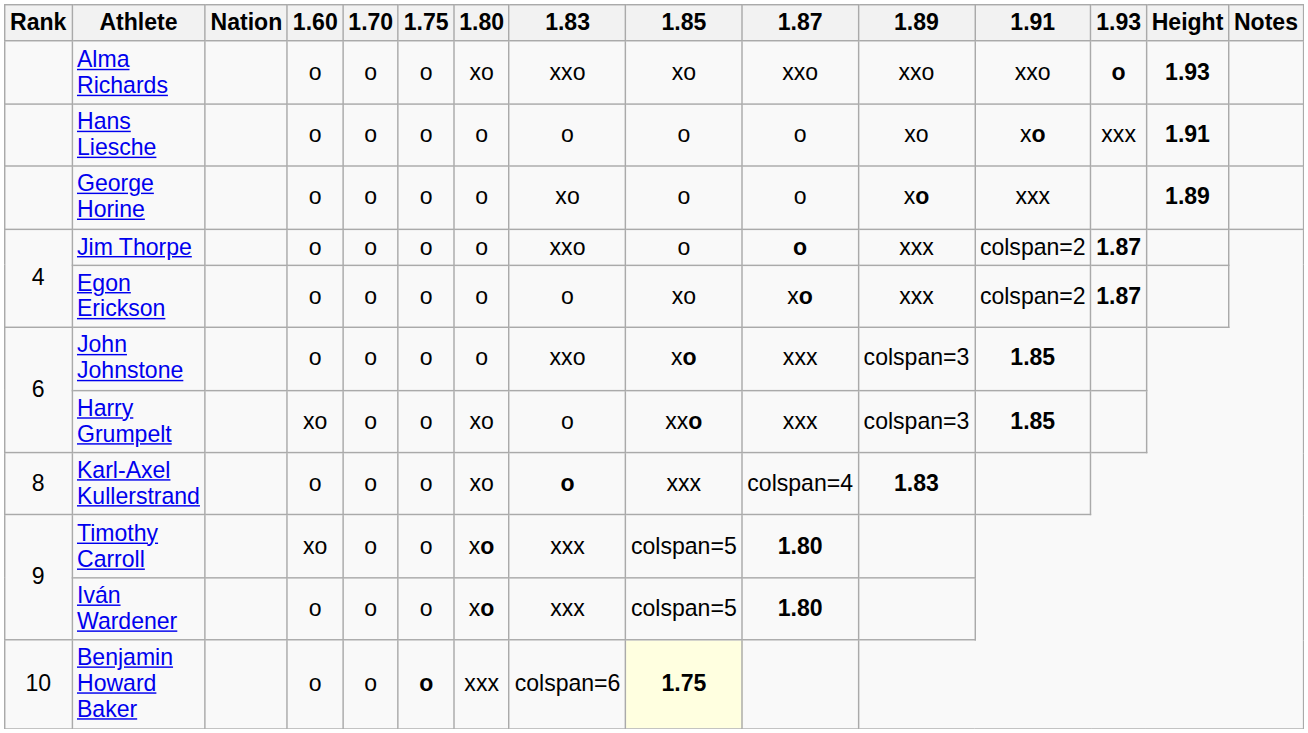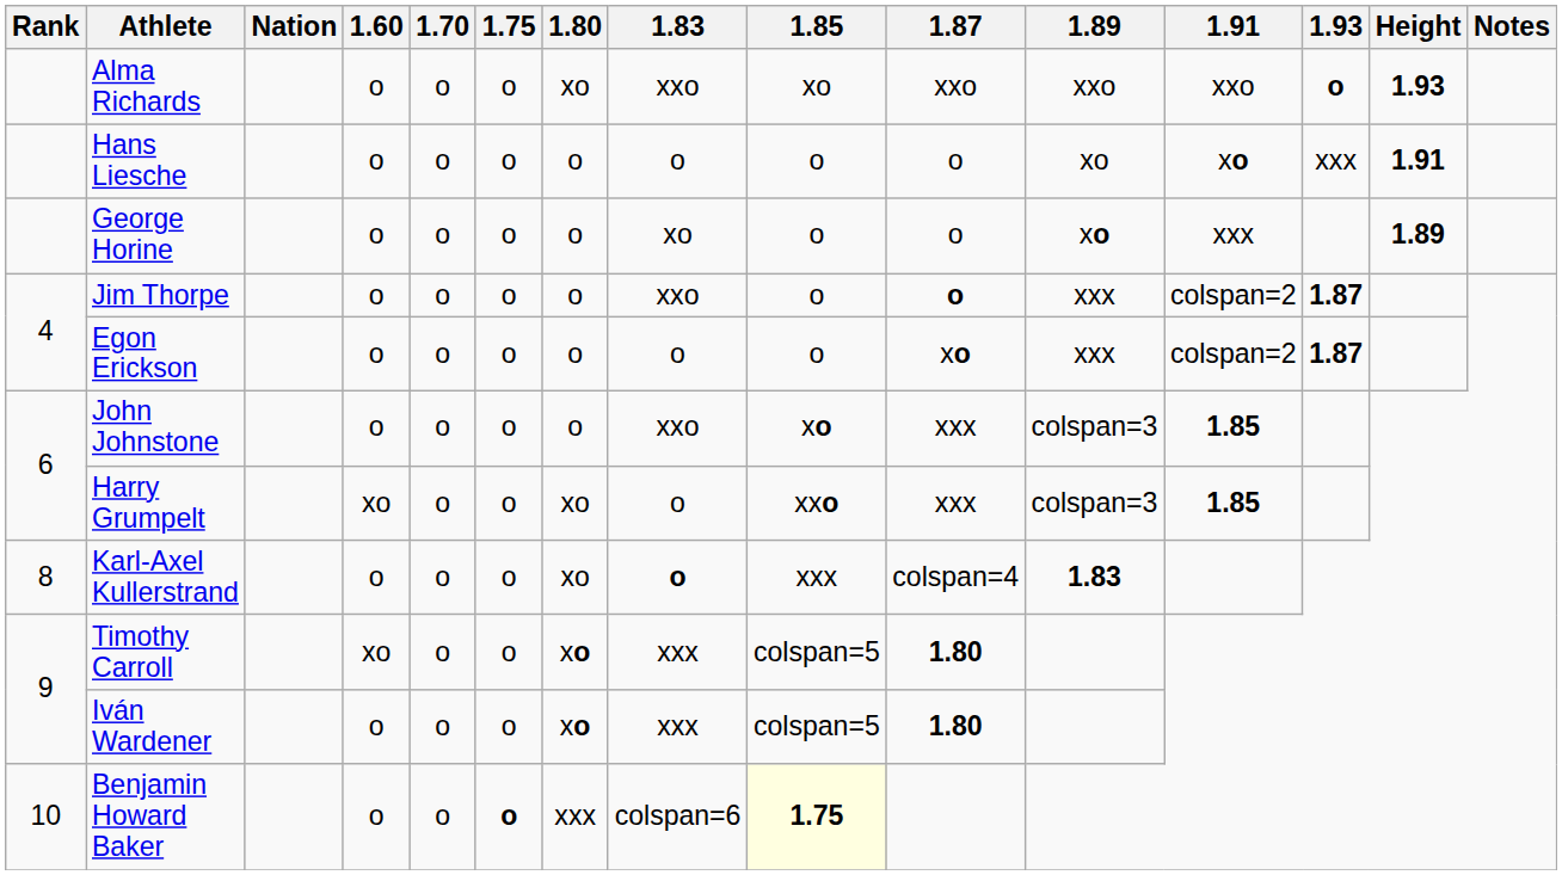 <table class="wikitable sortable" style="text-align:center;">
 <tr>
 <th>Rank</th>
 <th>Athlete</th>
 <th>Nation</th>
 <th>1.60</th>
 <th>1.70</th>
 <th>1.75</th>
 <th>1.80</th>
 <th>1.83</th>
 <th>1.85</th>
 <th>1.87</th>
 <th>1.89</th>
 <th>1.91</th>
 <th>1.93</th>
 <th>Height</th>
 <th>Notes</th>
 </tr>
 <tr>
 <td></td>
 <td align=left><a href='#'>Alma Richards</a></td>
 <td align=left></td>
 <td>o</td>
 <td>o</td>
 <td>o</td>
 <td>xo</td>
 <td>xxo</td>
 <td>xo</td>
 <td>xxo</td>
 <td>xxo</td>
 <td>xxo</td>
 <td><strong>o</strong></td>
 <td><strong>1.93</strong></td>
 <td></td>
 </tr>
 <tr>
 <td></td>
 <td align=left><a href='#'>Hans Liesche</a></td>
 <td align=left></td>
 <td>o</td>
 <td>o</td>
 <td>o</td>
 <td>o</td>
 <td>o</td>
 <td>o</td>
 <td>o</td>
 <td>xo</td>
 <td>x<strong>o</strong></td>
 <td>xxx</td>
 <td><strong>1.91</strong></td>
 <td></td>
 </tr>
 <tr>
 <td></td>
 <td align=left><a href='#'>George Horine</a></td>
 <td align=left></td>
 <td>o</td>
 <td>o</td>
 <td>o</td>
 <td>o</td>
 <td>xo</td>
 <td>o</td>
 <td>o</td>
 <td>x<strong>o</strong></td>
 <td>xxx</td>
 <td></td>
 <td><strong>1.89</strong></td>
 <td></td>
 </tr>
 <tr>
 <td rowspan="2">4</td>
 <td align=left><a href='#'>Jim Thorpe</a></td>
 <td align=left></td>
 <td>o</td>
 <td>o</td>
 <td>o</td>
 <td>o</td>
 <td>xxo</td>
 <td>o</td>
 <td><strong>o</strong></td>
 <td>xxx</td>
 <td>colspan=2 </td>
 <td><strong>1.87</strong></td>
 <td></td>
 </tr>
 <tr>
 <td align=left><a href='#'>Egon Erickson</a></td>
 <td align=left></td>
 <td>o</td>
 <td>o</td>
 <td>o</td>
 <td>o</td>
 <td>o</td>
-<td>xo</td>
+<td>o</td>
 <td>x<strong>o</strong></td>
 <td>xxx</td>
 <td>colspan=2 </td>
 <td><strong>1.87</strong></td>
 <td></td>
 </tr>
 <tr>
 <td rowspan="2">6</td>
 <td align=left><a href='#'>John Johnstone</a></td>
 <td align=left></td>
 <td>o</td>
 <td>o</td>
 <td>o</td>
 <td>o</td>
 <td>xxo</td>
 <td>x<strong>o</strong></td>
 <td>xxx</td>
 <td>colspan=3 </td>
 <td><strong>1.85</strong></td>
 <td></td>
 </tr>
 <tr>
 <td align=left><a href='#'>Harry Grumpelt</a></td>
 <td align=left></td>
 <td>xo</td>
 <td>o</td>
 <td>o</td>
 <td>xo</td>
 <td>o</td>
 <td>xx<strong>o</strong></td>
 <td>xxx</td>
 <td>colspan=3 </td>
 <td><strong>1.85</strong></td>
 <td></td>
 </tr>
 <tr>
 <td>8</td>
 <td align=left><a href='#'>Karl-Axel Kullerstrand</a></td>
 <td align=left></td>
 <td>o</td>
 <td>o</td>
 <td>o</td>
 <td>xo</td>
 <td><strong>o</strong></td>
 <td>xxx</td>
 <td>colspan=4 </td>
 <td><strong>1.83</strong></td>
 <td></td>
 </tr>
 <tr>
 <td rowspan="2">9</td>
 <td align=left><a href='#'>Timothy Carroll</a></td>
 <td align=left></td>
 <td>xo</td>
 <td>o</td>
 <td>o</td>
 <td>x<strong>o</strong></td>
 <td>xxx</td>
 <td>colspan=5 </td>
 <td><strong>1.80</strong></td>
 <td></td>
 </tr>
 <tr>
 <td align=left><a href='#'>Iván Wardener</a></td>
 <td align=left></td>
 <td>o</td>
 <td>o</td>
 <td>o</td>
 <td>x<strong>o</strong></td>
 <td>xxx</td>
 <td>colspan=5 </td>
 <td><strong>1.80</strong></td>
 <td></td>
 </tr>
 <tr>
 <td>10</td>
 <td align=left><a href='#'>Benjamin Howard Baker</a></td>
 <td align=left></td>
 <td>o</td>
 <td>o</td>
 <td><strong>o</strong></td>
 <td>xxx</td>
 <td>colspan=6 </td>
 <td style="background: lightyellow;"><strong>1.75</strong></td>
 <td></td>
 </tr>
 </table>
